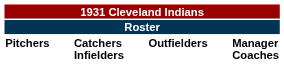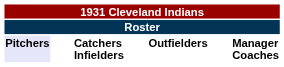 <table class="toccolours" style="font-size: 95%;">
 <tr>
 <th colspan="10" style="background-color: #990000; color: white; text-align: center;">1931 Cleveland Indians</th>
 </tr>
 <tr>
 <td colspan="10" style="background-color: #023456; color: white; text-align: center;"><strong>Roster</strong></td>
 </tr>
 <tr>
-<td valign="top"><strong>Pitchers</strong><br>             </td>
+<td valign="top" style="background: lavender;"><strong>Pitchers</strong><br>             </td>
 <td width="25px"></td>
 <td valign="top"><strong>Catchers</strong><br>    <strong>Infielders</strong>           </td>
 <td width="25px"></td>
 <td valign="top"><strong>Outfielders</strong><br>      </td>
 <td width="25px"></td>
 <td valign="top"><strong>Manager</strong><br> <strong>Coaches</strong>   </td>
 </tr>
 </table>
